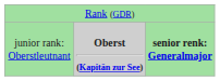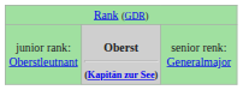 <table class="wikitable centered darkmode-hintergrundfarbe-neutral" style="font-size: 95%; margin: 1em auto; background:#A0E0A0; color:#202122; text-align:center;">
 <tr>
 <td colspan="3"><a href='#'>Rank</a> <small>(<a href='#'>GDR</a>)</small></td>
 </tr>
 <tr>
 <td style="width:33%;">junior rank:<br><a href='#'>Oberstleutnant</a></td>
 <td style="width:34%; background:#CFCFCF; color:#202122; font-weight:bold;"><br><strong>Oberst</strong><br><hr><small>(<a href='#'>Kapitän zur See</a>)</small></td>
-<td style="width:33%;"><strong>senior renk:<br><a href='#'>Generalmajor</a></strong></td>
+<td style="width:33%;">senior renk:<br><a href='#'>Generalmajor</a></td>
 </tr>
 </table>
